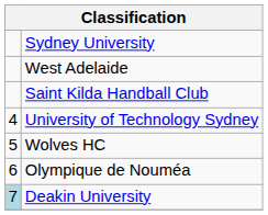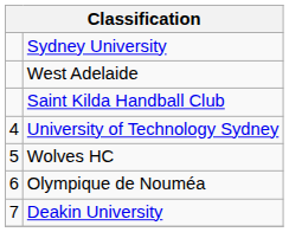 <table class="wikitable" font-size: 90%;>
 <tr>
 <th colspan=2>Classification</th>
 </tr>
 <tr valign="top">
 <td></td>
 <td> <a href='#'>Sydney University</a></td>
 </tr>
 <tr>
 <td></td>
 <td> West Adelaide</td>
 </tr>
 <tr>
 <td></td>
 <td> <a href='#'>Saint Kilda Handball Club</a></td>
 </tr>
 <tr>
 <td>4</td>
 <td> <a href='#'>University of Technology Sydney</a></td>
 </tr>
 <tr>
 <td>5</td>
 <td> Wolves HC</td>
 </tr>
 <tr>
 <td>6</td>
 <td> Olympique de Nouméa</td>
 </tr>
 <tr>
-<td style="background: lightblue;">7</td>
+<td>7</td>
 <td> <a href='#'>Deakin University</a></td>
 </tr>
 <tr>
 </tr>
 </table>
